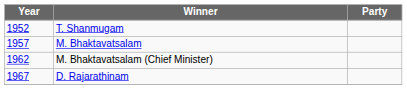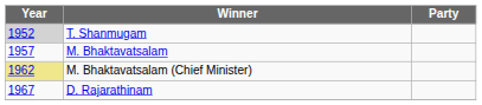 <table class="wikitable" width="50%">
 <tr>
 <th style="background-color:#666666; color:white">Year</th>
 <th style="background-color:#666666; color:white">Winner</th>
 <th style="background-color:#666666; color:white" colspan="2">Party</th>
 </tr>
 <tr>
-<td><a href='#'>1952</a></td>
+<td style="background: lightgrey;"><a href='#'>1952</a></td>
 <td><a href='#'>T. Shanmugam</a></td>
 <td></td>
 </tr>
 <tr>
 <td><a href='#'>1957</a></td>
 <td><a href='#'>M. Bhaktavatsalam</a></td>
 <td></td>
 </tr>
 <tr>
-<td><a href='#'>1962</a></td>
+<td style="background: khaki;"><a href='#'>1962</a></td>
 <td>M. Bhaktavatsalam (Chief Minister)</td>
 <td></td>
 </tr>
 <tr>
 <td><a href='#'>1967</a></td>
 <td><a href='#'>D. Rajarathinam</a></td>
 <td></td>
 </tr>
 <tr>
 </tr>
 </table>
